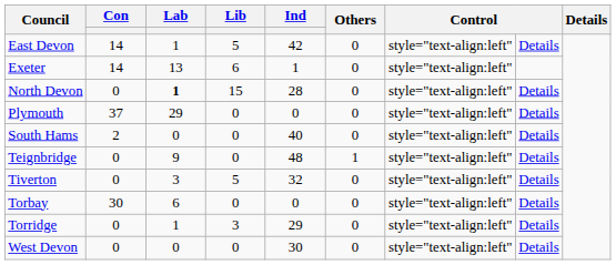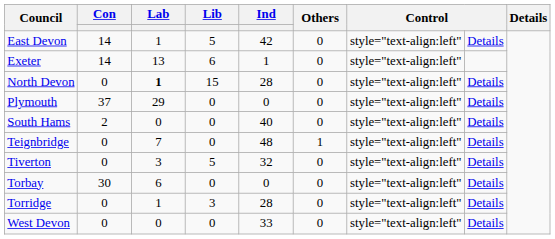 <table class="wikitable" style="text-align:center;">
 <tr>
 <th rowspan=2>Council</th>
 <th style="width:60px;"><a href='#'>Con</a></th>
 <th style="width:60px;"><a href='#'>Lab</a></th>
 <th style="width:60px;"><a href='#'>Lib</a></th>
 <th style="width:60px;"><a href='#'>Ind</a></th>
 <th style="width:60px;" rowspan=2>Others</th>
 <th rowspan=2 colspan=2>Control</th>
 <th rowspan=2>Details</th>
 </tr>
 <tr>
 <th style="background:"></th>
 <th style="background:"></th>
 <th style="background:"></th>
 <th style="background:"></th>
 </tr>
 <tr>
 <td style="text-align:left"><a href='#'>East Devon</a></td>
 <td>14</td>
 <td>1</td>
 <td>5</td>
 <td>42</td>
 <td>0</td>
 <td>style="text-align:left" </td>
 <td style="text-align:left"><a href='#'>Details</a></td>
 </tr>
 <tr>
 <td style="text-align:left"><a href='#'>Exeter</a></td>
 <td>14</td>
 <td>13</td>
 <td>6</td>
 <td>1</td>
 <td>0</td>
 <td>style="text-align:left" </td>
 <td></td>
 </tr>
 <tr>
 <td style="text-align:left"><a href='#'>North Devon</a></td>
 <td>0</td>
 <td><strong>1</strong></td>
 <td>15</td>
 <td>28</td>
 <td>0</td>
 <td>style="text-align:left" </td>
 <td style="text-align:left"><a href='#'>Details</a></td>
 </tr>
 <tr>
 <td style="text-align:left"><a href='#'>Plymouth</a></td>
 <td>37</td>
 <td>29</td>
 <td>0</td>
 <td>0</td>
 <td>0</td>
 <td>style="text-align:left" </td>
 <td style="text-align:left"><a href='#'>Details</a></td>
 </tr>
 <tr>
 <td style="text-align:left"><a href='#'>South Hams</a></td>
 <td>2</td>
 <td>0</td>
 <td>0</td>
 <td>40</td>
 <td>0</td>
 <td>style="text-align:left" </td>
 <td style="text-align:left"><a href='#'>Details</a></td>
 </tr>
 <tr>
 <td style="text-align:left"><a href='#'>Teignbridge</a></td>
 <td>0</td>
-<td>9</td>
+<td>7</td>
 <td>0</td>
 <td>48</td>
 <td>1</td>
 <td>style="text-align:left" </td>
 <td style="text-align:left"><a href='#'>Details</a></td>
 </tr>
 <tr>
 <td style="text-align:left"><a href='#'>Tiverton</a></td>
 <td>0</td>
 <td>3</td>
 <td>5</td>
 <td>32</td>
 <td>0</td>
 <td>style="text-align:left" </td>
 <td style="text-align:left"><a href='#'>Details</a></td>
 </tr>
 <tr>
 <td style="text-align:left"><a href='#'>Torbay</a></td>
 <td>30</td>
 <td>6</td>
 <td>0</td>
 <td>0</td>
 <td>0</td>
 <td>style="text-align:left" </td>
 <td style="text-align:left"><a href='#'>Details</a></td>
 </tr>
 <tr>
 <td style="text-align:left"><a href='#'>Torridge</a></td>
 <td>0</td>
 <td>1</td>
 <td>3</td>
-<td>29</td>
+<td>28</td>
 <td>0</td>
 <td>style="text-align:left" </td>
 <td style="text-align:left"><a href='#'>Details</a></td>
 </tr>
 <tr>
 <td style="text-align:left"><a href='#'>West Devon</a></td>
 <td>0</td>
 <td>0</td>
 <td>0</td>
-<td>30</td>
+<td>33</td>
 <td>0</td>
 <td>style="text-align:left" </td>
 <td style="text-align:left"><a href='#'>Details</a></td>
 </tr>
 </table>
